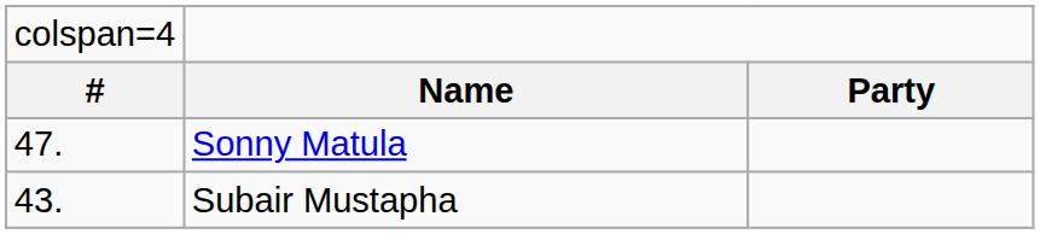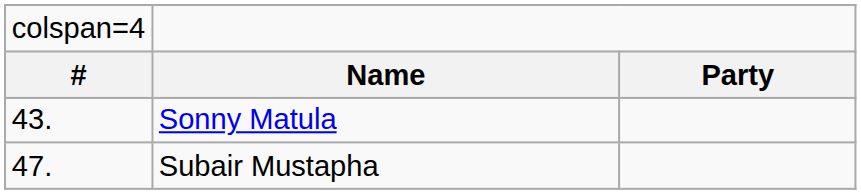 <table class=wikitable style="font-size:90%">
 <tr>
 <td>colspan=4 </td>
 </tr>
 <tr>
 <th>#</th>
 <th width=55%>Name</th>
 <th colspan=2 width=110px>Party</th>
 </tr>
 <tr>
-<td>47.</td>
+<td>43.</td>
 <td><a href='#'>Sonny Matula</a></td>
 <td></td>
 </tr>
 <tr>
-<td>43.</td>
+<td>47.</td>
 <td>Subair Mustapha</td>
 <td></td>
 </tr>
 </table>
